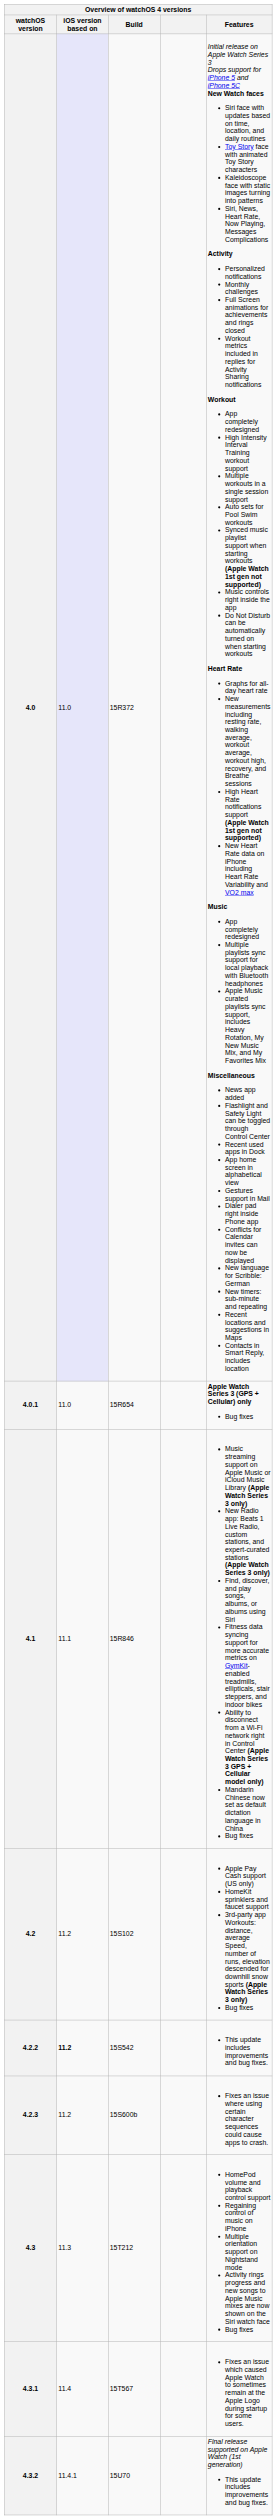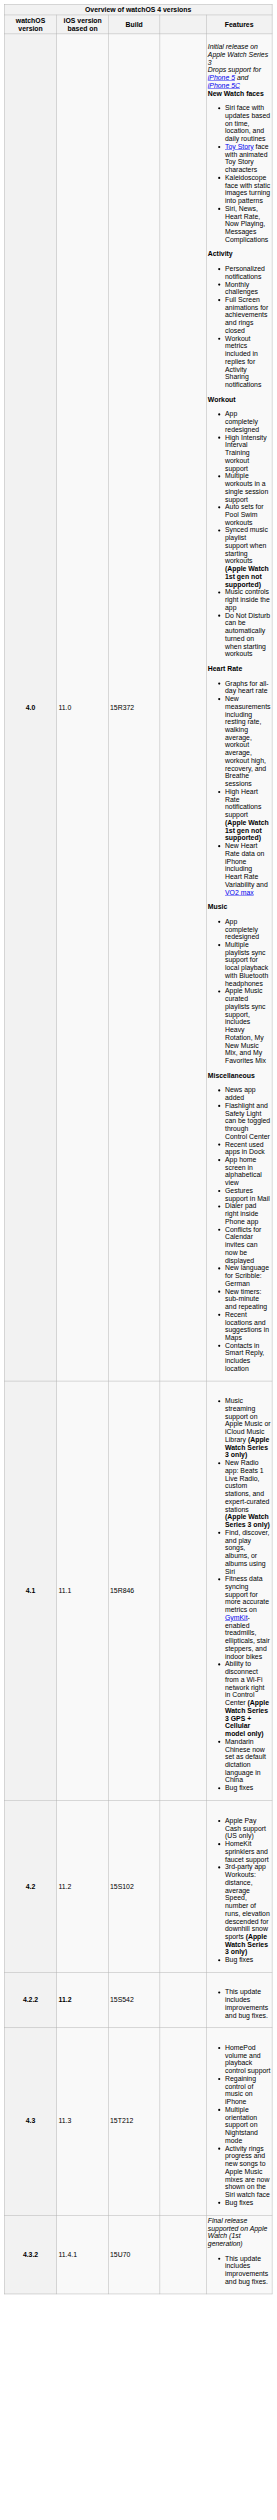 <table class="wikitable mw-collapsible mw-collapsed" style="width:100%;">
 <tr>
 <th colspan="5">Overview of watchOS 4 versions</th>
 </tr>
 <tr>
 <th style="width:8em;">watchOS version</th>
 <th style="width:8em;">iOS version based on</th>
 <th style="width:8em;">Build</th>
 <th style="width:8em;"></th>
 <th>Features</th>
 </tr>
 <tr>
 <th>4.0</th>
-<td style="background: lavender;">11.0</td>
+<td>11.0</td>
 <td>15R372</td>
 <td></td>
 <td><br><em>Initial release on Apple Watch Series 3</em><br><em>Drops support for <a href='#'>iPhone 5</a> and <a href='#'>iPhone 5C</a></em><br><strong>New Watch faces</strong><ul><li>Siri face with updates based on time, location, and daily routines</li><li><a href='#'>Toy Story</a> face with animated Toy Story characters</li><li>Kaleidoscope face with static images turning into patterns</li><li>Siri, News, Heart Rate, Now Playing, Messages Complications</li></ul><strong>Activity</strong><ul><li>Personalized notifications</li><li>Monthly challenges</li><li>Full Screen animations for achievements and rings closed</li><li>Workout metrics included in replies for Activity Sharing notifications</li></ul><strong>Workout</strong><ul><li>App completely redesigned</li><li>High Intensity Interval Training workout support</li><li>Multiple workouts in a single session support</li><li>Auto sets for Pool Swim workouts</li><li>Synced music playlist support when starting workouts <strong>(Apple Watch 1st gen not supported)</strong></li><li>Music controls right inside the app</li><li>Do Not Disturb can be automatically turned on when starting workouts</li></ul><strong>Heart Rate</strong><ul><li>Graphs for all-day heart rate</li><li>New measurements including resting rate, walking average, workout average, workout high, recovery, and Breathe sessions</li><li>High Heart Rate notifications support <strong>(Apple Watch 1st gen not supported)</strong></li><li>New Heart Rate data on iPhone including Heart Rate Variability and <a href='#'>VO2 max</a></li></ul><strong>Music</strong><ul><li>App completely redesigned</li><li>Multiple playlists sync support for local playback with Bluetooth headphones</li><li>Apple Music curated playlists sync support, includes Heavy Rotation, My New Music Mix, and My Favorites Mix</li></ul><strong>Miscellaneous</strong><ul><li>News app added</li><li>Flashlight and Safety Light can be toggled through Control Center</li><li>Recent used apps in Dock</li><li>App home screen in alphabetical view</li><li>Gestures support in Mail</li><li>Dialer pad right inside Phone app</li><li>Conflicts for Calendar invites can now be displayed</li><li>New language for Scribble: German</li><li>New timers: sub-minute and repeating</li><li>Recent locations and suggestions in Maps</li><li>Contacts in Smart Reply, includes location</li></ul></td>
-</tr>
-<tr>
-<th>4.0.1</th>
-<td>11.0</td>
-<td>15R654</td>
-<td></td>
-<td><strong>Apple Watch Series 3 (GPS + Cellular) only</strong><br><ul><li>Bug fixes</li></ul></td>
 </tr>
 <tr>
 <th>4.1</th>
 <td>11.1</td>
 <td>15R846</td>
 <td></td>
 <td><br><ul><li>Music streaming support on Apple Music or iCloud Music Library <strong>(Apple Watch Series 3 only)</strong></li><li>New Radio app: Beats 1 Live Radio, custom stations, and expert-curated stations <strong>(Apple Watch Series 3 only)</strong></li><li>Find, discover, and play songs, albums, or albums using Siri</li><li>Fitness data syncing support for more accurate metrics on <a href='#'>GymKit</a>-enabled treadmills, ellipticals, stair steppers, and indoor bikes</li><li>Ability to disconnect from a Wi-Fi network right in Control Center <strong>(Apple Watch Series 3 GPS + Cellular model only)</strong></li><li>Mandarin Chinese now set as default dictation language in China</li><li>Bug fixes</li></ul></td>
 </tr>
 <tr>
 <th>4.2</th>
 <td>11.2</td>
 <td>15S102</td>
 <td></td>
 <td><br><ul><li>Apple Pay Cash support (US only)</li><li>HomeKit sprinklers and faucet support</li><li>3rd-party app Workouts: distance, average Speed, number of runs, elevation descended for downhill snow sports <strong>(Apple Watch Series 3 only)</strong></li><li>Bug fixes</li></ul></td>
 </tr>
 <tr>
 <th>4.2.2</th>
 <td><strong>11.2</strong></td>
 <td>15S542</td>
 <td></td>
 <td><br><ul><li>This update includes improvements and bug fixes.</li></ul></td>
 </tr>
 <tr>
-<th>4.2.3</th>
-<td>11.2</td>
-<td>15S600b</td>
-<td></td>
-<td><br><ul><li>Fixes an issue where using certain character sequences could cause apps to crash.</li></ul></td>
-</tr>
-<tr>
 <th>4.3</th>
 <td>11.3</td>
 <td>15T212</td>
 <td></td>
 <td><br><ul><li>HomePod volume and playback control support</li><li>Regaining control of music on iPhone</li><li>Multiple orientation support on Nightstand mode</li><li>Activity rings progress and new songs to Apple Music mixes are now shown on the Siri watch face</li><li>Bug fixes</li></ul></td>
-</tr>
-<tr>
-<th>4.3.1</th>
-<td>11.4</td>
-<td>15T567</td>
-<td></td>
-<td><br><ul><li>Fixes an issue which caused Apple Watch to sometimes remain at the Apple Logo during startup for some users.</li></ul></td>
 </tr>
 <tr>
 <th>4.3.2</th>
 <td>11.4.1</td>
 <td>15U70</td>
 <td></td>
 <td><em>Final release supported on Apple Watch (1st generation)</em><br><ul><li>This update includes improvements and bug fixes.</li></ul></td>
 </tr>
 </table>
